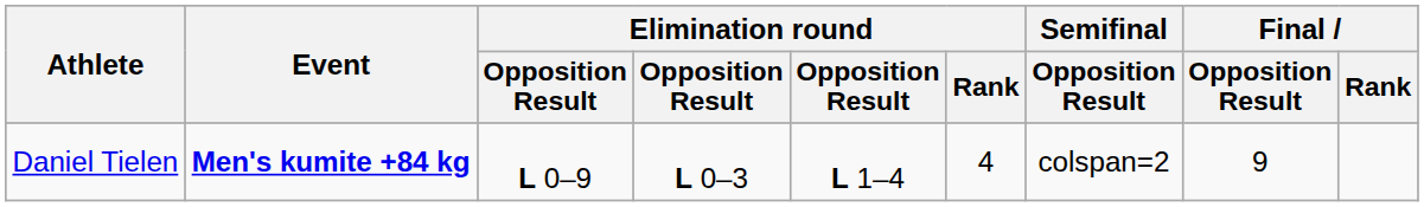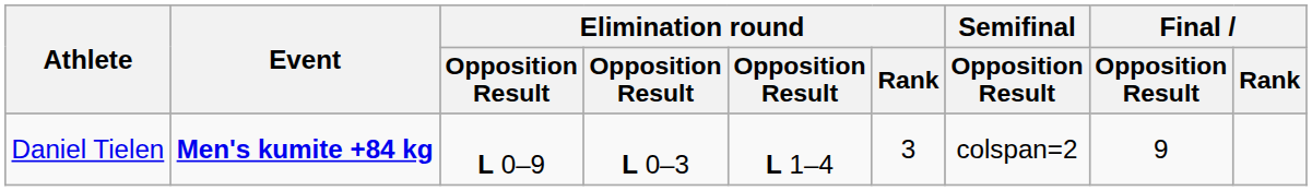 <table class=wikitable style=font-size:90%;text-align:center>
 <tr>
 <th rowspan=2>Athlete</th>
 <th rowspan=2>Event</th>
 <th colspan=4>Elimination round</th>
 <th>Semifinal</th>
 <th colspan=2>Final / </th>
 </tr>
 <tr style=font-size:95%>
 <th>Opposition<br>Result</th>
 <th>Opposition<br>Result</th>
 <th>Opposition<br>Result</th>
 <th>Rank</th>
 <th>Opposition<br>Result</th>
 <th>Opposition<br>Result</th>
 <th>Rank</th>
 </tr>
 <tr>
 <td align=left><a href='#'>Daniel Tielen</a></td>
 <td align=left><strong><a href='#'>Men's kumite +84 kg</a></strong></td>
 <td><br><strong>L</strong> 0–9</td>
 <td><br><strong>L</strong> 0–3</td>
 <td><br><strong>L</strong> 1–4</td>
-<td>4</td>
+<td>3</td>
 <td>colspan=2 </td>
 <td>9</td>
 </tr>
 </table>
